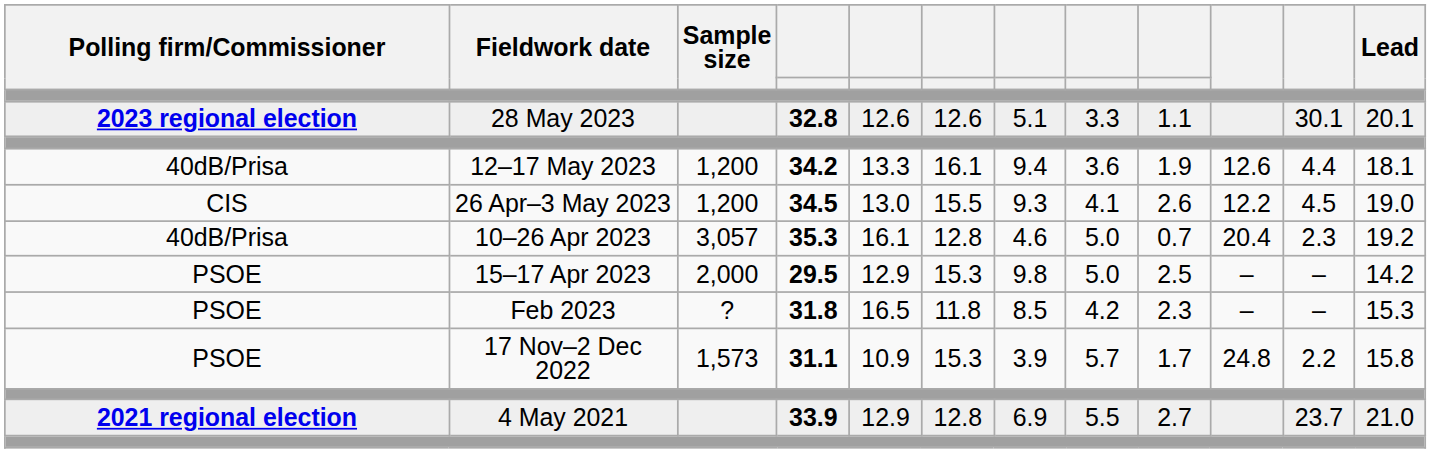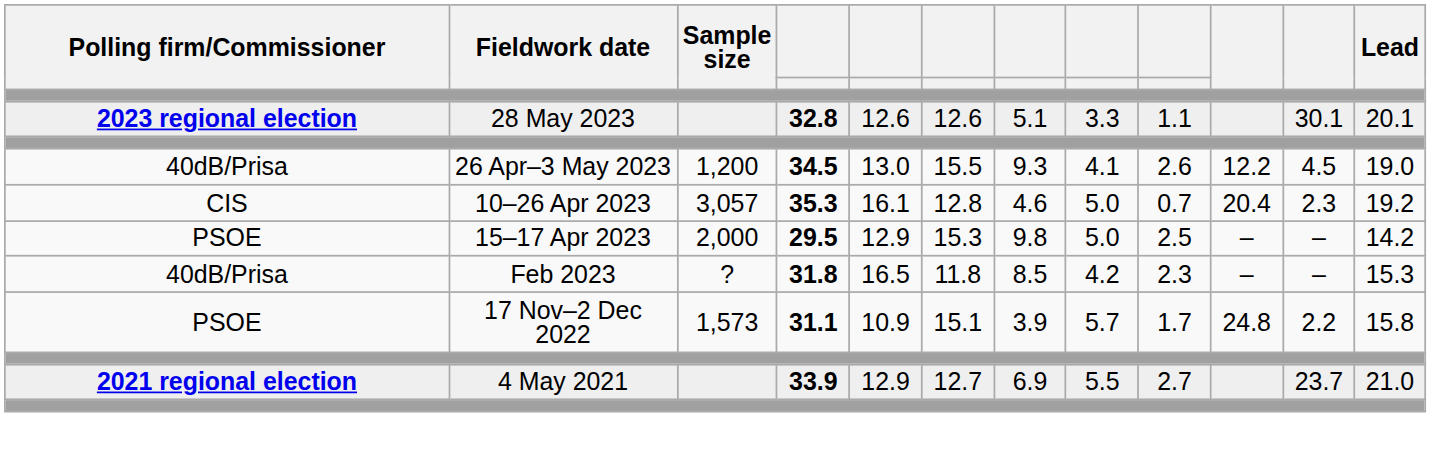 <table class="wikitable collapsible collapsed" style="text-align:center; font-size:90%; line-height:14px;">
 <tr style="height:42px;">
 <th style="width:250px;" rowspan="2">Polling firm/Commissioner</th>
 <th style="width:125px;" rowspan="2">Fieldwork date</th>
 <th style="width:50px;" rowspan="2">Sample size</th>
 <th style="width:35px;"></th>
 <th style="width:35px;"></th>
 <th style="width:35px;"></th>
 <th style="width:35px;"></th>
 <th style="width:35px;"></th>
 <th style="width:35px;"></th>
 <th style="width:35px;" rowspan="2"></th>
 <th style="width:35px;" rowspan="2"></th>
 <th style="width:30px;" rowspan="2">Lead</th>
 </tr>
 <tr>
 <th style="color:inherit;background:"></th>
 <th style="color:inherit;background:"></th>
 <th style="color:inherit;background:"></th>
 <th style="color:inherit;background:"></th>
 <th style="color:inherit;background:"></th>
 <th style="color:inherit;background:"></th>
 </tr>
 <tr>
 <td colspan="12" style="background:#A0A0A0"></td>
 </tr>
 <tr style="background:#EFEFEF;">
 <td><strong><a href='#'>2023 regional election</a></strong></td>
 <td>28 May 2023</td>
 <td></td>
 <td><strong>32.8</strong></td>
 <td>12.6</td>
 <td>12.6</td>
 <td>5.1</td>
 <td>3.3</td>
 <td>1.1</td>
 <td></td>
 <td>30.1</td>
 <td style="background:">20.1</td>
 </tr>
 <tr>
 <td colspan="12" style="background:#A0A0A0"></td>
 </tr>
 <tr>
 <td>40dB/Prisa</td>
-<td>12–17 May 2023</td>
-<td>1,200</td>
-<td><strong>34.2</strong></td>
-<td>13.3</td>
-<td>16.1</td>
-<td>9.4</td>
-<td>3.6</td>
-<td>1.9</td>
-<td>12.6</td>
-<td>4.4</td>
-<td style="background:">18.1</td>
-</tr>
-<tr>
-<td>CIS</td>
 <td>26 Apr–3 May 2023</td>
 <td>1,200</td>
 <td><strong>34.5</strong></td>
 <td>13.0</td>
 <td>15.5</td>
 <td>9.3</td>
 <td>4.1</td>
 <td>2.6</td>
 <td>12.2</td>
 <td>4.5</td>
 <td style="background:">19.0</td>
 </tr>
 <tr>
-<td>40dB/Prisa</td>
+<td>CIS</td>
 <td>10–26 Apr 2023</td>
 <td>3,057</td>
 <td><strong>35.3</strong></td>
 <td>16.1</td>
 <td>12.8</td>
 <td>4.6</td>
 <td>5.0</td>
 <td>0.7</td>
 <td>20.4</td>
 <td>2.3</td>
 <td style="background:">19.2</td>
 </tr>
 <tr>
 <td>PSOE</td>
 <td>15–17 Apr 2023</td>
 <td>2,000</td>
 <td><strong>29.5</strong></td>
 <td>12.9</td>
 <td>15.3</td>
 <td>9.8</td>
 <td>5.0</td>
 <td>2.5</td>
 <td>–</td>
 <td>–</td>
 <td style="background:">14.2</td>
 </tr>
 <tr>
-<td>PSOE</td>
+<td>40dB/Prisa</td>
 <td>Feb 2023</td>
 <td>?</td>
 <td><strong>31.8</strong></td>
 <td>16.5</td>
 <td>11.8</td>
 <td>8.5</td>
 <td>4.2</td>
 <td>2.3</td>
 <td>–</td>
 <td>–</td>
 <td style="background:">15.3</td>
 </tr>
 <tr>
 <td>PSOE</td>
 <td>17 Nov–2 Dec 2022</td>
 <td>1,573</td>
 <td><strong>31.1</strong></td>
 <td>10.9</td>
-<td>15.3</td>
+<td>15.1</td>
 <td>3.9</td>
 <td>5.7</td>
 <td>1.7</td>
 <td>24.8</td>
 <td>2.2</td>
 <td style="background:">15.8</td>
 </tr>
 <tr>
 <td colspan="12" style="background:#A0A0A0"></td>
 </tr>
 <tr style="background:#EFEFEF;">
 <td><strong><a href='#'>2021 regional election</a></strong></td>
 <td>4 May 2021</td>
 <td></td>
 <td><strong>33.9</strong></td>
 <td>12.9</td>
-<td>12.8</td>
+<td>12.7</td>
 <td>6.9</td>
 <td>5.5</td>
 <td>2.7</td>
 <td></td>
 <td>23.7</td>
 <td style="background:">21.0</td>
 </tr>
 <tr>
 <td colspan="12" style="background:#A0A0A0"></td>
 </tr>
 </table>
